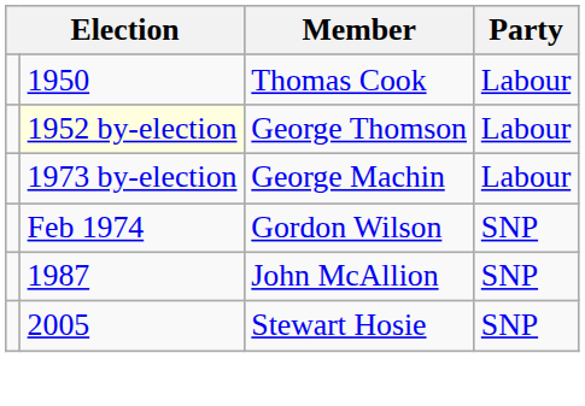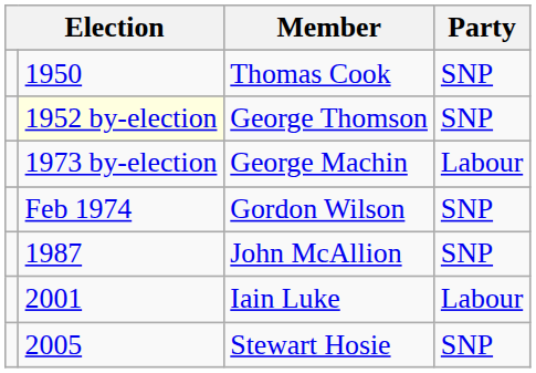 <table class="wikitable">
 <tr>
 <th colspan="2">Election</th>
 <th>Member</th>
 <th>Party</th>
 </tr>
 <tr>
 <td style="color:inherit;background-color: "></td>
 <td><a href='#'>1950</a></td>
 <td><a href='#'>Thomas Cook</a></td>
-<td><a href='#'>Labour</a></td>
+<td><a href='#'>SNP</a></td>
 </tr>
 <tr>
 <td style="color:inherit;background-color: "></td>
 <td style="background: lightyellow;"><a href='#'>1952 by-election</a></td>
 <td><a href='#'>George Thomson</a></td>
-<td><a href='#'>Labour</a></td>
+<td><a href='#'>SNP</a></td>
 </tr>
 <tr>
 <td style="color:inherit;background-color: "></td>
 <td><a href='#'>1973 by-election</a></td>
 <td><a href='#'>George Machin</a></td>
 <td><a href='#'>Labour</a></td>
 </tr>
 <tr>
 <td style="color:inherit;background-color: "></td>
 <td><a href='#'>Feb 1974</a></td>
 <td><a href='#'>Gordon Wilson</a></td>
 <td><a href='#'>SNP</a></td>
 </tr>
 <tr>
 <td style="color:inherit;background-color: "></td>
 <td><a href='#'>1987</a></td>
 <td><a href='#'>John McAllion</a></td>
 <td><a href='#'>SNP</a></td>
 </tr>
 <tr>
 <td style="color:inherit;background-color: "></td>
+<td><a href='#'>2001</a></td>
+<td><a href='#'>Iain Luke</a></td>
+<td><a href='#'>Labour</a></td>
+</tr>
+<tr>
+<td style="color:inherit;background-color: "></td>
 <td><a href='#'>2005</a></td>
 <td><a href='#'>Stewart Hosie</a></td>
 <td><a href='#'>SNP</a></td>
 </tr>
 </table>
